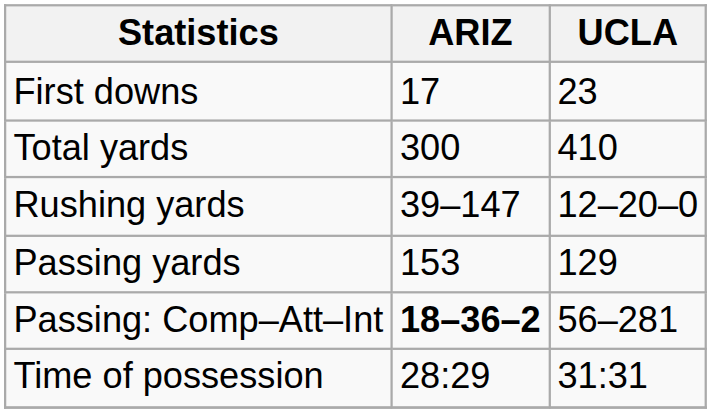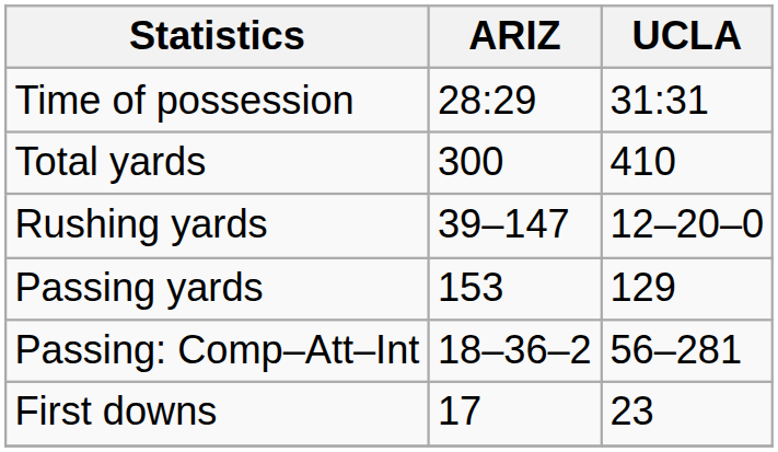 <table class="wikitable" style="float: left;">
 <tr>
 <th>Statistics</th>
 <th>ARIZ</th>
 <th>UCLA</th>
 </tr>
 <tr>
-<td>First downs</td>
-<td>17</td>
-<td>23</td>
+<td>Time of possession</td>
+<td>28:29</td>
+<td>31:31</td>
 </tr>
 <tr>
 <td>Total yards</td>
 <td>300</td>
 <td>410</td>
 </tr>
 <tr>
 <td>Rushing yards</td>
 <td>39–147</td>
 <td>12–20–0</td>
 </tr>
 <tr>
 <td>Passing yards</td>
 <td>153</td>
 <td>129</td>
 </tr>
 <tr>
 <td>Passing: Comp–Att–Int</td>
-<td><strong>18–36–2</strong></td>
+<td>18–36–2</td>
 <td>56–281</td>
 </tr>
 <tr>
-<td>Time of possession</td>
-<td>28:29</td>
-<td>31:31</td>
+<td>First downs</td>
+<td>17</td>
+<td>23</td>
 </tr>
 <tr>
 </tr>
 </table>
